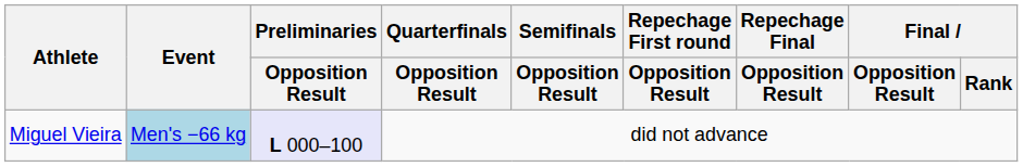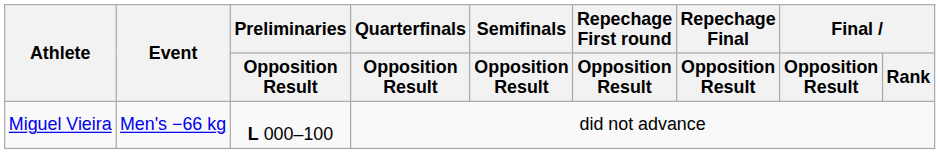 <table class="wikitable" style="font-size:90%">
 <tr>
 <th rowspan="2">Athlete</th>
 <th rowspan="2">Event</th>
 <th>Preliminaries</th>
 <th>Quarterfinals</th>
 <th>Semifinals</th>
 <th>Repechage<br>First round</th>
 <th>Repechage<br>Final</th>
 <th colspan="2">Final / </th>
 </tr>
 <tr>
 <th>Opposition<br>Result</th>
 <th>Opposition<br>Result</th>
 <th>Opposition<br>Result</th>
 <th>Opposition<br>Result</th>
 <th>Opposition<br>Result</th>
 <th>Opposition<br>Result</th>
 <th>Rank</th>
 </tr>
 <tr align=center>
 <td><a href='#'>Miguel Vieira</a></td>
-<td style="background: lightblue;"><a href='#'>Men's −66 kg</a></td>
-<td style="background: lavender;"><br> <strong>L</strong> 000–100</td>
+<td><a href='#'>Men's −66 kg</a></td>
+<td><br> <strong>L</strong> 000–100</td>
 <td colspan="6">did not advance</td>
 </tr>
 </table>
